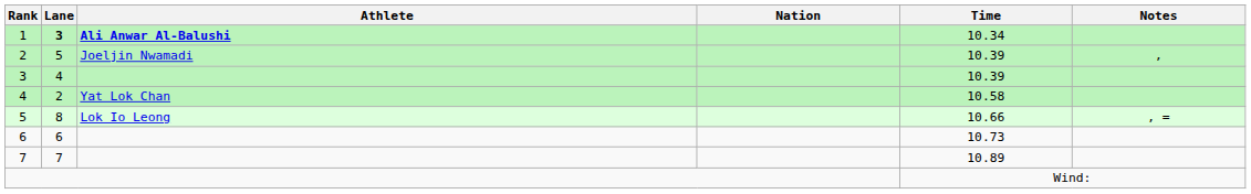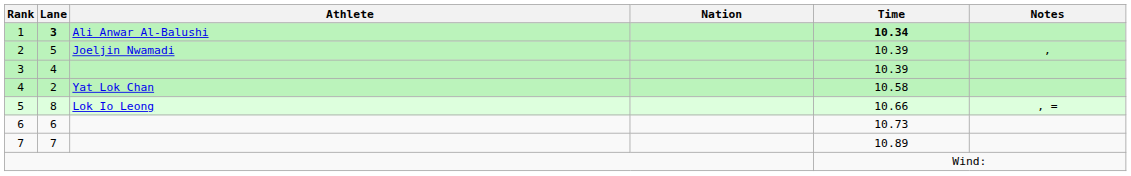 <table class="wikitable sortable" style="text-align:center;width: 65%;">
 <tr>
 <th scope="col" style="width: 10px;">Rank</th>
 <th scope="col" style="width: 10px;">Lane</th>
 <th scope="col">Athlete</th>
 <th scope="col">Nation</th>
 <th scope="col">Time</th>
 <th scope="col">Notes</th>
 </tr>
 <tr bgcolor=bbf3bb>
 <td>1</td>
 <td><strong>3</strong></td>
-<td align="left"><strong><a href='#'>Ali Anwar Al-Balushi</a></strong></td>
+<td align="left"><a href='#'>Ali Anwar Al-Balushi</a></td>
 <td align="left"></td>
-<td>10.34</td>
+<td><strong>10.34</strong></td>
 <td></td>
 </tr>
 <tr bgcolor=bbf3bb>
 <td>2</td>
 <td>5</td>
 <td align="left"><a href='#'>Joeljin Nwamadi</a></td>
 <td align="left"></td>
 <td>10.39 </td>
 <td>, </td>
 </tr>
 <tr bgcolor=bbf3bb>
 <td>3</td>
 <td>4</td>
 <td align=left></td>
 <td align=left></td>
 <td>10.39 </td>
 <td></td>
 </tr>
 <tr bgcolor=bbf3bb>
 <td>4</td>
 <td>2</td>
 <td align="left"><a href='#'>Yat Lok Chan</a></td>
 <td align="left"></td>
 <td>10.58</td>
 <td></td>
 </tr>
 <tr bgcolor=ddffdd>
 <td>5</td>
 <td>8</td>
 <td align="left"><a href='#'>Lok Io Leong</a></td>
 <td align="left"></td>
 <td>10.66</td>
 <td>, =</td>
 </tr>
 <tr>
 <td>6</td>
 <td>6</td>
 <td align="left"></td>
 <td align="left"></td>
 <td>10.73</td>
 <td></td>
 </tr>
 <tr>
 <td>7</td>
 <td>7</td>
 <td align="left"></td>
 <td align="left"></td>
 <td>10.89</td>
 <td></td>
 </tr>
 <tr class="sortbottom">
 <td colspan="4"></td>
 <td colspan="2">Wind: </td>
 </tr>
 </table>
